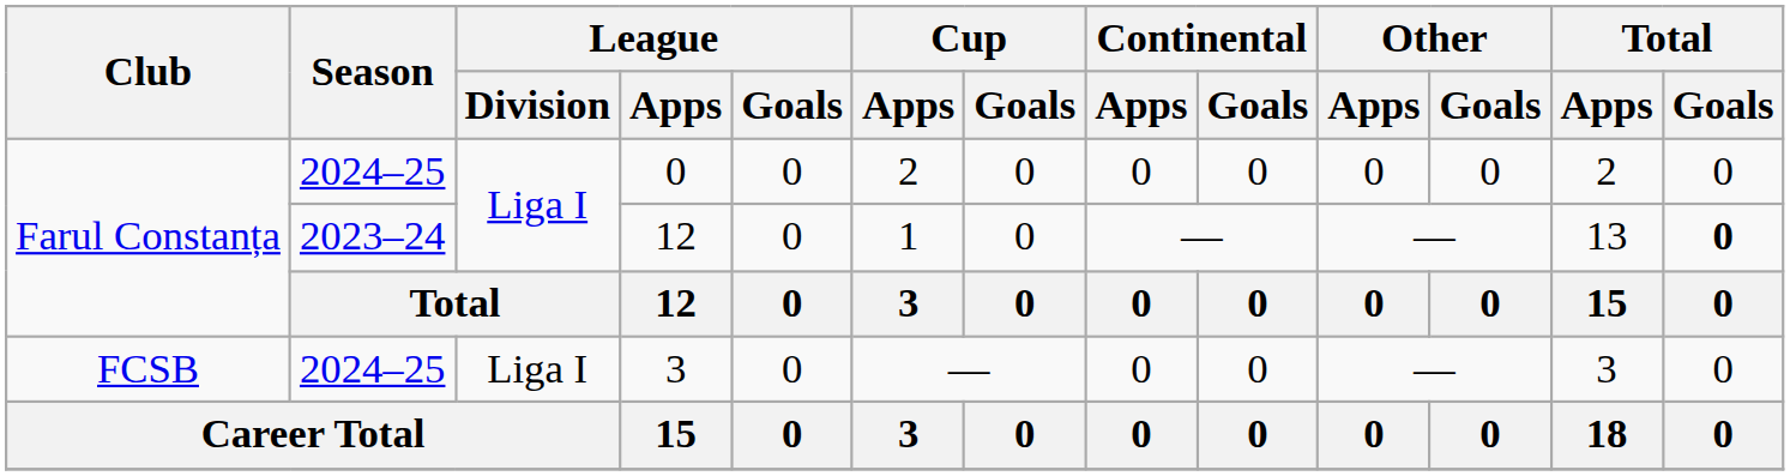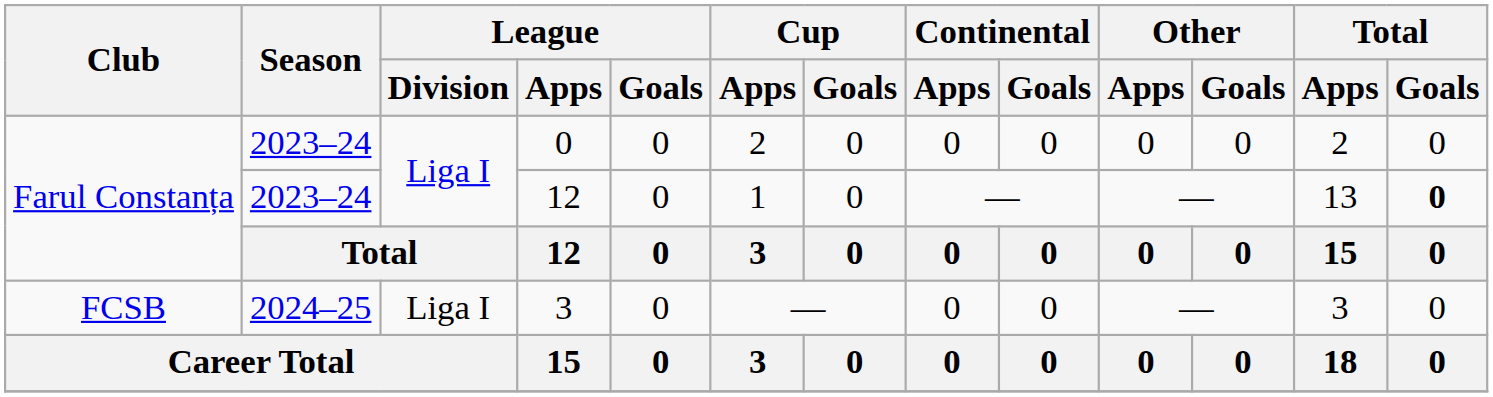 <table class="wikitable" style="text-align: center">
 <tr>
 <th rowspan="2">Club</th>
 <th rowspan="2">Season</th>
 <th colspan="3">League</th>
 <th colspan="2">Cup</th>
 <th colspan="2">Continental</th>
 <th colspan="2">Other</th>
 <th colspan="2">Total</th>
 </tr>
 <tr>
 <th>Division</th>
 <th>Apps</th>
 <th>Goals</th>
 <th>Apps</th>
 <th>Goals</th>
 <th>Apps</th>
 <th>Goals</th>
 <th>Apps</th>
 <th>Goals</th>
 <th>Apps</th>
 <th>Goals</th>
 </tr>
 <tr>
 <td rowspan="3"><a href='#'>Farul Constanța</a></td>
-<td><a href='#'>2024–25</a></td>
+<td><a href='#'>2023–24</a></td>
 <td rowspan="2"><a href='#'>Liga I</a></td>
 <td>0</td>
 <td>0</td>
 <td>2</td>
 <td>0</td>
 <td>0</td>
 <td>0</td>
 <td>0</td>
 <td>0</td>
 <td>2</td>
 <td>0</td>
 </tr>
 <tr>
 <td><a href='#'>2023–24</a></td>
 <td>12</td>
 <td>0</td>
 <td>1</td>
 <td>0</td>
 <td colspan="2">—</td>
 <td colspan="2">—</td>
 <td>13</td>
 <td><strong>0</strong></td>
 </tr>
 <tr>
 <th colspan="2">Total</th>
 <th>12</th>
 <th>0</th>
 <th>3</th>
 <th>0</th>
 <th>0</th>
 <th>0</th>
 <th>0</th>
 <th>0</th>
 <th>15</th>
 <th>0</th>
 </tr>
 <tr>
 <td rowspan="1"><a href='#'>FCSB</a></td>
 <td><a href='#'>2024–25</a></td>
 <td rowspan="1">Liga I</td>
 <td>3</td>
 <td>0</td>
 <td colspan="2">—</td>
 <td>0</td>
 <td>0</td>
 <td colspan="2">—</td>
 <td>3</td>
 <td>0</td>
 </tr>
 <tr>
 <th colspan="3">Career Total</th>
 <th>15</th>
 <th>0</th>
 <th>3</th>
 <th>0</th>
 <th>0</th>
 <th>0</th>
 <th>0</th>
 <th>0</th>
 <th>18</th>
 <th>0</th>
 </tr>
 <tr>
 </tr>
 </table>
